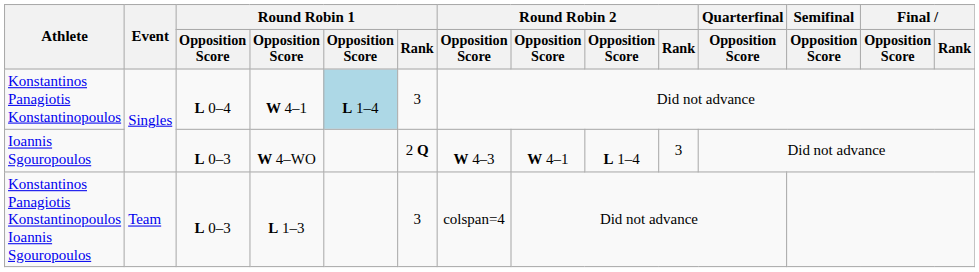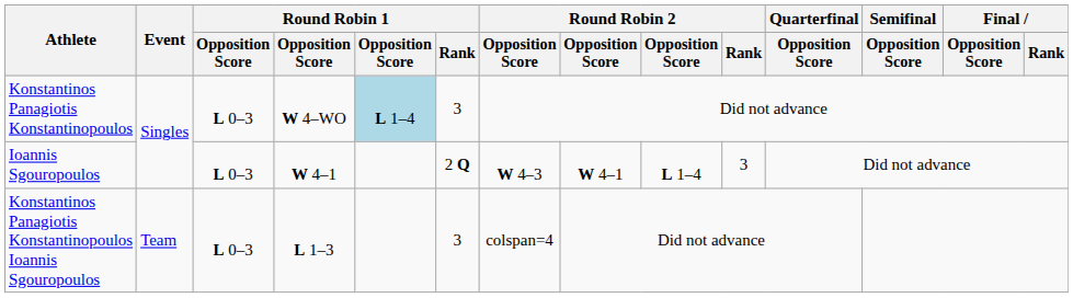 <table class=wikitable style="font-size:90%">
 <tr>
 <th rowspan=2>Athlete</th>
 <th rowspan=2>Event</th>
 <th colspan=4>Round Robin 1</th>
 <th colspan=4>Round Robin 2</th>
 <th>Quarterfinal</th>
 <th>Semifinal</th>
 <th colspan=2>Final / </th>
 </tr>
 <tr style="font-size:95%">
 <th>Opposition<br>Score</th>
 <th>Opposition<br>Score</th>
 <th>Opposition<br>Score</th>
 <th>Rank</th>
 <th>Opposition<br>Score</th>
 <th>Opposition<br>Score</th>
 <th>Opposition<br>Score</th>
 <th>Rank</th>
 <th>Opposition<br>Score</th>
 <th>Opposition<br>Score</th>
 <th>Opposition<br>Score</th>
 <th>Rank</th>
 </tr>
 <tr align=center>
 <td align=left><a href='#'>Konstantinos Panagiotis Konstantinopoulos</a></td>
 <td align=left rowspan=2><a href='#'>Singles</a></td>
-<td><br><strong>L</strong> 0–4</td>
-<td><br><strong>W</strong> 4–1</td>
+<td><br><strong>L</strong> 0–3</td>
+<td><br><strong>W</strong> 4–WO</td>
 <td style="background: lightblue;"><br><strong>L</strong> 1–4</td>
 <td>3</td>
 <td colspan=8>Did not advance</td>
 </tr>
 <tr align=center>
 <td align=left><a href='#'>Ioannis Sgouropoulos</a></td>
 <td><br><strong>L</strong> 0–3</td>
-<td><br><strong>W</strong> 4–WO</td>
+<td><br><strong>W</strong> 4–1</td>
 <td></td>
 <td>2 <strong>Q</strong></td>
 <td><br><strong>W</strong> 4–3</td>
 <td><br><strong>W</strong> 4–1</td>
 <td><br><strong>L</strong> 1–4</td>
 <td>3</td>
 <td colspan=4>Did not advance</td>
 </tr>
 <tr align=center>
 <td align=left><a href='#'>Konstantinos Panagiotis Konstantinopoulos</a><br><a href='#'>Ioannis Sgouropoulos</a></td>
 <td align=left><a href='#'>Team</a></td>
 <td><br><strong>L</strong> 0–3</td>
 <td><br><strong>L</strong> 1–3</td>
 <td></td>
 <td>3</td>
 <td>colspan=4 </td>
 <td colspan=4>Did not advance</td>
 </tr>
 </table>
